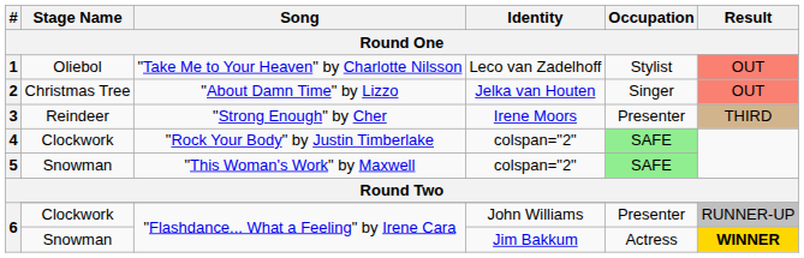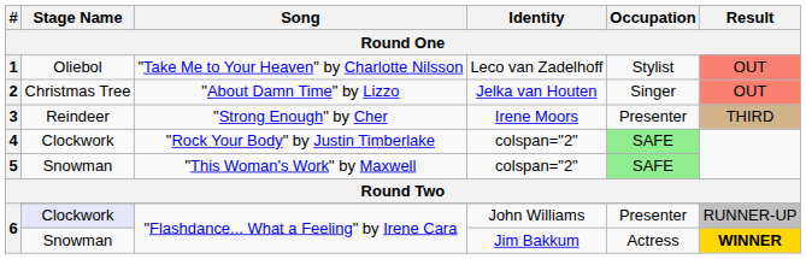 <table class="wikitable plainrowheaders" style="text-align: center;">
 <tr>
 <th><strong>#</strong></th>
 <th><strong>Stage Name</strong></th>
 <th><strong>Song</strong></th>
 <th>Identity</th>
 <th><strong>Occupation</strong></th>
 <th>Result</th>
 </tr>
 <tr>
 <th colspan="6">Round One</th>
 </tr>
 <tr>
 <th>1</th>
 <td>Oliebol</td>
 <td>"<a href='#'>Take Me to Your Heaven</a>" by <a href='#'>Charlotte Nilsson</a></td>
 <td>Leco van Zadelhoff</td>
 <td>Stylist</td>
 <td bgcolor=salmon>OUT</td>
 </tr>
 <tr>
 <th>2</th>
 <td>Christmas Tree</td>
 <td>"<a href='#'>About Damn Time</a>" by <a href='#'>Lizzo</a></td>
 <td><a href='#'>Jelka van Houten</a></td>
 <td>Singer</td>
 <td bgcolor=salmon>OUT</td>
 </tr>
 <tr>
 <th>3</th>
 <td>Reindeer</td>
 <td>"<a href='#'>Strong Enough</a>" by <a href='#'>Cher</a></td>
 <td><a href='#'>Irene Moors</a></td>
 <td>Presenter</td>
 <td bgcolor="tan">THIRD</td>
 </tr>
 <tr>
 <th>4</th>
 <td>Clockwork</td>
 <td>"<a href='#'>Rock Your Body</a>" by <a href='#'>Justin Timberlake</a></td>
 <td>colspan="2" </td>
 <td bgcolor="lightgreen">SAFE</td>
 </tr>
 <tr>
 <th>5</th>
 <td>Snowman</td>
 <td>"<a href='#'>This Woman's Work</a>" by <a href='#'>Maxwell</a></td>
 <td>colspan="2" </td>
 <td bgcolor="lightgreen">SAFE</td>
 </tr>
 <tr>
 <th colspan="6">Round Two</th>
 </tr>
 <tr>
 <th rowspan="3">6</th>
 </tr>
 <tr>
-<td>Clockwork</td>
+<td style="background: lavender;">Clockwork</td>
 <td rowspan="2">"<a href='#'>Flashdance... What a Feeling</a>" by <a href='#'>Irene Cara</a></td>
 <td>John Williams</td>
 <td>Presenter</td>
 <td bgcolor="silver">RUNNER-UP</td>
 </tr>
 <tr>
 <td>Snowman</td>
 <td><a href='#'>Jim Bakkum</a></td>
 <td>Actress</td>
 <td bgcolor="gold"><strong>WINNER</strong></td>
 </tr>
 </table>
